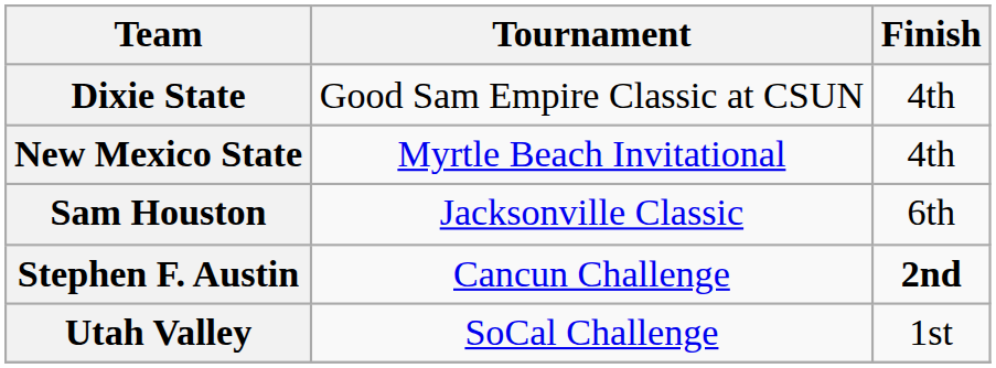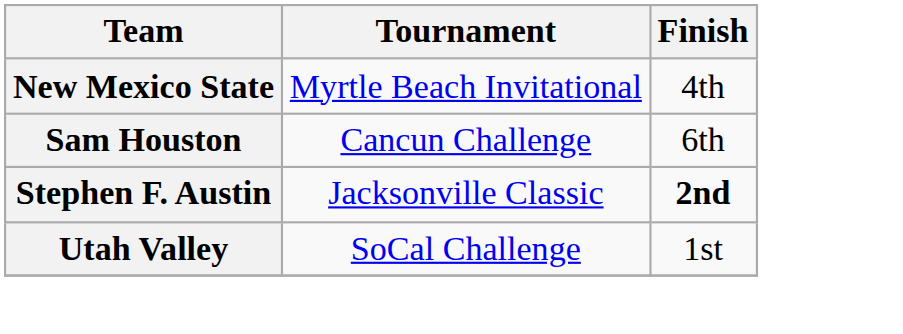 <table class="wikitable">
 <tr>
 <th>Team</th>
 <th>Tournament</th>
 <th>Finish</th>
-</tr>
-<tr style="text-align:center;">
-<th>Dixie State</th>
-<td>Good Sam Empire Classic at CSUN</td>
-<td>4th</td>
 </tr>
 <tr style="text-align:center;">
 <th>New Mexico State</th>
 <td><a href='#'>Myrtle Beach Invitational</a></td>
 <td>4th</td>
 </tr>
 <tr style="text-align:center;">
 <th>Sam Houston</th>
-<td><a href='#'>Jacksonville Classic</a></td>
+<td><a href='#'>Cancun Challenge</a></td>
 <td>6th</td>
 </tr>
 <tr style="text-align:center;">
 <th>Stephen F. Austin</th>
-<td><a href='#'>Cancun Challenge</a></td>
+<td><a href='#'>Jacksonville Classic</a></td>
 <td><strong>2nd</strong></td>
 </tr>
 <tr style="text-align:center;">
 <th>Utah Valley</th>
 <td><a href='#'>SoCal Challenge</a></td>
 <td>1st</td>
 </tr>
 <tr>
 </tr>
 </table>
